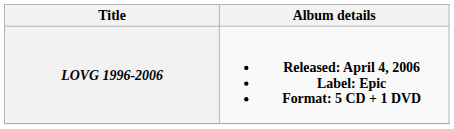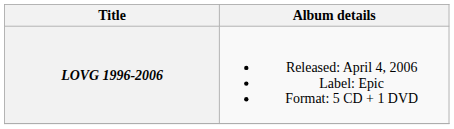 <table class="wikitable plainrowheaders" style="text-align:center;" border="1">
 <tr>
 <th scope="col" style="width:15em;">Title</th>
 <th scope="col" style="width:16em;">Album details</th>
 </tr>
 <tr>
 <th scope="row"><em>LOVG 1996-2006</em></th>
-<td><strong><br><ul><li>Released: April 4, 2006</li><li>Label: Epic</li><li>Format: 5 CD + 1 DVD</li></ul></strong></td>
+<td><br><ul><li>Released: April 4, 2006</li><li>Label: Epic</li><li>Format: 5 CD + 1 DVD</li></ul></td>
 </tr>
 <tr>
 </tr>
 </table>
